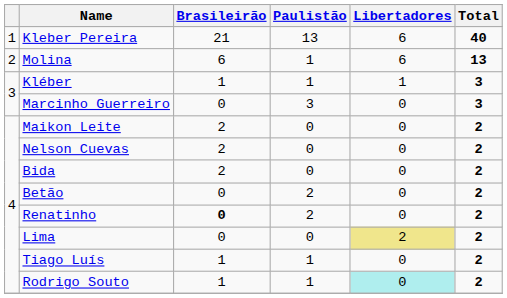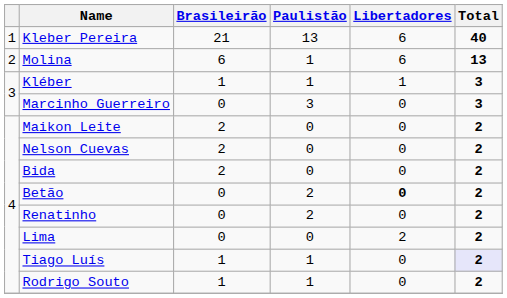 <table class="wikitable" style="text-align:center;">
 <tr>
 <th></th>
 <th>Name</th>
 <th><a href='#'>Brasileirão</a></th>
 <th><a href='#'>Paulistão</a></th>
 <th><a href='#'>Libertadores</a></th>
 <th>Total</th>
 </tr>
 <tr>
 <td rowspan=>1</td>
 <td align=left> <a href='#'>Kleber Pereira</a></td>
 <td>21</td>
 <td>13</td>
 <td>6</td>
 <td><strong>40</strong></td>
 </tr>
 <tr>
 <td rowspan=>2</td>
 <td align=left> <a href='#'>Molina</a></td>
 <td>6</td>
 <td>1</td>
 <td>6</td>
 <td><strong>13</strong></td>
 </tr>
 <tr>
 <td rowspan=2>3</td>
 <td align=left> <a href='#'>Kléber</a></td>
 <td>1</td>
 <td>1</td>
 <td>1</td>
 <td><strong>3</strong></td>
 </tr>
 <tr>
 <td align=left> <a href='#'>Marcinho Guerreiro</a></td>
 <td>0</td>
 <td>3</td>
 <td>0</td>
 <td><strong>3</strong></td>
 </tr>
 <tr>
 <td rowspan=8>4</td>
 <td align=left> <a href='#'>Maikon Leite</a></td>
 <td>2</td>
 <td>0</td>
 <td>0</td>
 <td><strong>2</strong></td>
 </tr>
 <tr>
 <td align=left> <a href='#'>Nelson Cuevas</a></td>
 <td>2</td>
 <td>0</td>
 <td>0</td>
 <td><strong>2</strong></td>
 </tr>
 <tr>
 <td align=left> <a href='#'>Bida</a></td>
 <td>2</td>
 <td>0</td>
 <td>0</td>
 <td><strong>2</strong></td>
 </tr>
 <tr>
 <td align=left> <a href='#'>Betão</a></td>
 <td>0</td>
 <td>2</td>
-<td>0</td>
+<td><strong>0</strong></td>
 <td><strong>2</strong></td>
 </tr>
 <tr>
 <td align=left> <a href='#'>Renatinho</a></td>
-<td><strong>0</strong></td>
+<td>0</td>
 <td>2</td>
 <td>0</td>
 <td><strong>2</strong></td>
 </tr>
 <tr>
 <td align=left> <a href='#'>Lima</a></td>
 <td>0</td>
 <td>0</td>
-<td style="background: khaki;">2</td>
+<td>2</td>
 <td><strong>2</strong></td>
 </tr>
 <tr>
 <td align=left> <a href='#'>Tiago Luís</a></td>
 <td>1</td>
 <td>1</td>
 <td>0</td>
-<td><strong>2</strong></td>
+<td style="background: lavender;"><strong>2</strong></td>
 </tr>
 <tr>
 <td align=left> <a href='#'>Rodrigo Souto</a></td>
 <td>1</td>
 <td>1</td>
-<td style="background: paleturquoise;">0</td>
+<td>0</td>
 <td><strong>2</strong></td>
 </tr>
 <tr>
 </tr>
 </table>
